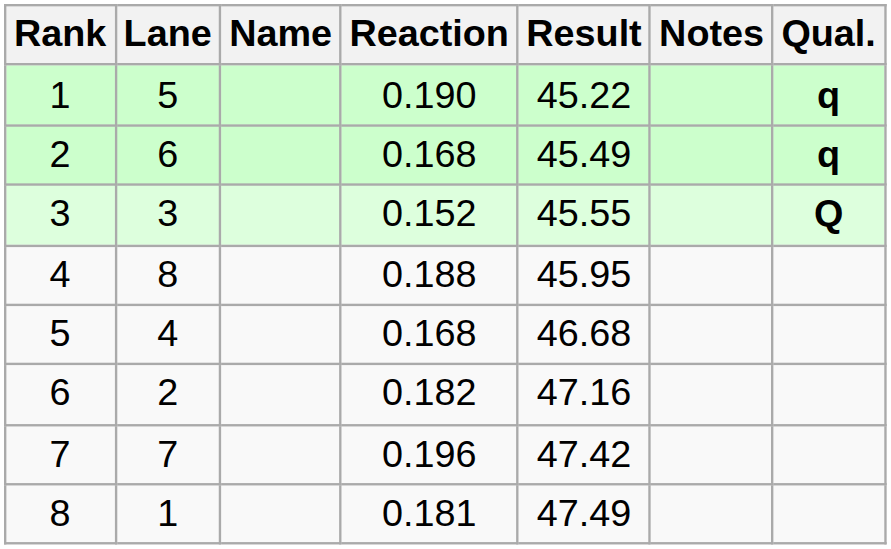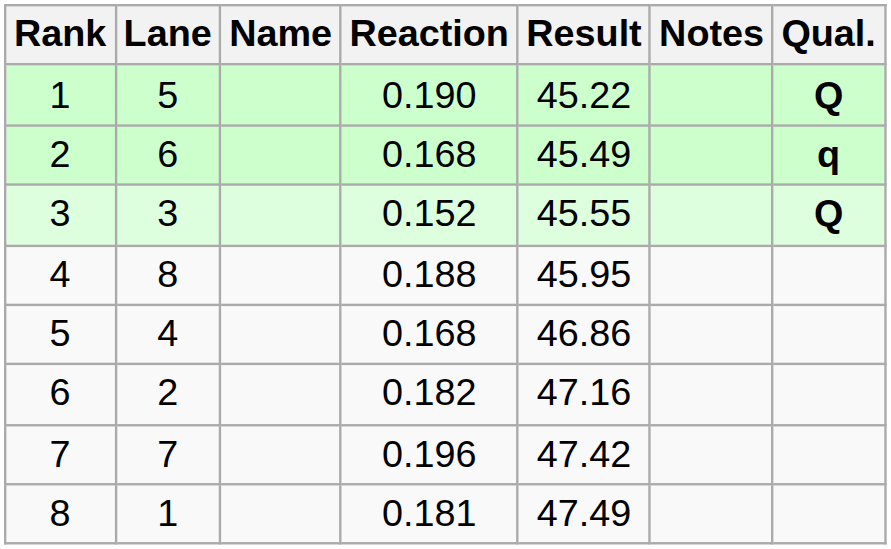 <table class="wikitable sortable" style="text-align:center">
 <tr>
 <th>Rank</th>
 <th>Lane</th>
 <th>Name</th>
 <th>Reaction</th>
 <th>Result</th>
 <th>Notes</th>
 <th>Qual.</th>
 </tr>
 <tr style="background:#cfc;">
 <td>1</td>
 <td>5</td>
 <td align="left"></td>
 <td>0.190</td>
 <td>45.22</td>
 <td></td>
-<td><strong>q</strong></td>
+<td><strong>Q</strong></td>
 </tr>
 <tr style="background:#cfc;">
 <td>2</td>
 <td>6</td>
 <td align="left"></td>
 <td>0.168</td>
 <td>45.49</td>
 <td></td>
 <td><strong>q</strong></td>
 </tr>
 <tr style="background:#dfd;">
 <td>3</td>
 <td>3</td>
 <td align="left"></td>
 <td>0.152</td>
 <td>45.55</td>
 <td></td>
 <td><strong>Q</strong></td>
 </tr>
 <tr>
 <td>4</td>
 <td>8</td>
 <td align="left"></td>
 <td>0.188</td>
 <td>45.95</td>
 <td></td>
 <td></td>
 </tr>
 <tr>
 <td>5</td>
 <td>4</td>
 <td align="left"></td>
 <td>0.168</td>
-<td>46.68</td>
+<td>46.86</td>
 <td></td>
 <td></td>
 </tr>
 <tr>
 <td>6</td>
 <td>2</td>
 <td align="left"></td>
 <td>0.182</td>
 <td>47.16</td>
 <td></td>
 <td></td>
 </tr>
 <tr>
 <td>7</td>
 <td>7</td>
 <td align="left"></td>
 <td>0.196</td>
 <td>47.42</td>
 <td></td>
 <td></td>
 </tr>
 <tr>
 <td>8</td>
 <td>1</td>
 <td align="left"></td>
 <td>0.181</td>
 <td>47.49</td>
 <td></td>
 <td></td>
 </tr>
 </table>
